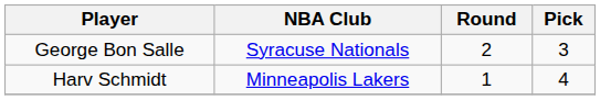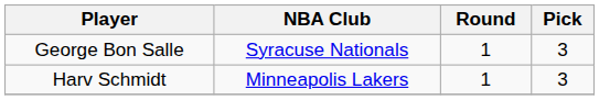 <table class="wikitable" width="500">
 <tr>
 <th>Player</th>
 <th>NBA Club</th>
 <th>Round</th>
 <th>Pick</th>
 </tr>
 <tr align="center" bgcolor="">
 <td>George Bon Salle</td>
 <td><a href='#'>Syracuse Nationals</a></td>
-<td>2</td>
+<td>1</td>
 <td>3</td>
 </tr>
 <tr align="center" bgcolor="">
 <td>Harv Schmidt</td>
 <td><a href='#'>Minneapolis Lakers</a></td>
 <td>1</td>
-<td>4</td>
+<td>3</td>
 </tr>
 <tr align="center" bgcolor="">
 </tr>
 </table>
